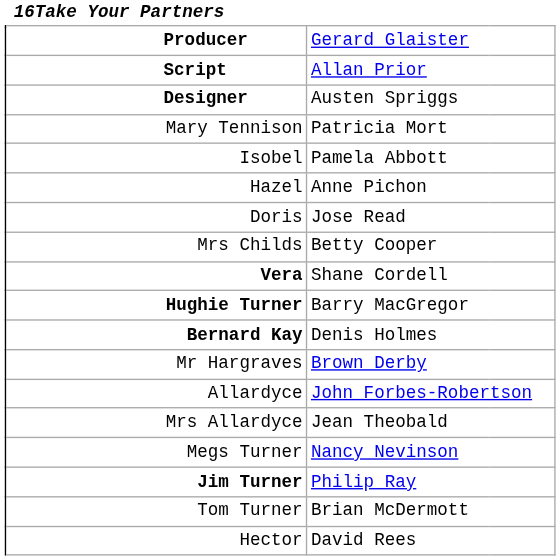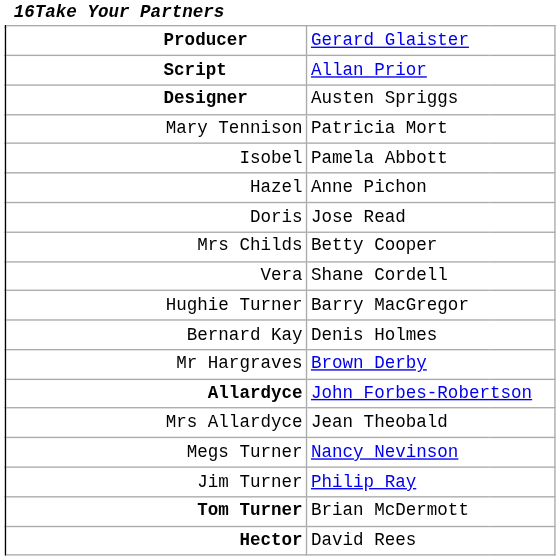 <table class="wikitable mw-collapsible mw-collapsed" style="vertical-align:top;margin:auto 2em;line-height:1.2;min-width:33em;display: inline-table;background-color:inherit;border:none;">
 <tr>
 <td class=unsortable style="border:hidden;line-height:1.67;text-align:center;margin-left:-1em;padding-left:0.5em;min-width:1.0em;"></td>
 <td class=unsortable style="border:none;padding-left:0.5em;text-align:left;min-width:16.5em;font-weight:700;font-style:italic;">16Take Your Partners</td>
 <td class=unsortable style="border:none;text-align:right;font-weight:normal;font-family:Courier;font-size:95%;letter-spacing:-1pt;min-width:8.5em;padding-right:0.2em;"></td>
 <td class=unsortable style="border:hidden;min-width:3.5em;padding-left:0;"></td>
 <td class=unsortable style="border:hidden;min-width:3.5em;font-size:95%;"></td>
 </tr>
 <tr>
 <td rowspan=100 style="border:none thin;border-right-style :solid;"></td>
 </tr>
 <tr>
 <td style="text-align:left;padding-left:9.0em;font-weight:bold;">Producer</td>
 <td colspan=2><a href='#'>Gerard Glaister</a></td>
 </tr>
 <tr>
 <td style="text-align:left;padding-left:9.0em;font-weight:bold;">Script</td>
 <td colspan=2><a href='#'>Allan Prior</a></td>
 </tr>
 <tr>
 <td style="text-align:left;padding-left:9.0em;font-weight:bold;">Designer</td>
 <td colspan=2>Austen Spriggs</td>
 </tr>
 <tr>
 <td style="text-align:right;">Mary Tennison</td>
 <td colspan=2>Patricia Mort</td>
 </tr>
 <tr>
 <td style="text-align:right;">Isobel</td>
 <td colspan=2>Pamela Abbott</td>
 </tr>
 <tr>
 <td style="text-align:right;">Hazel</td>
 <td colspan=2>Anne Pichon</td>
 </tr>
 <tr>
 <td style="text-align:right;">Doris</td>
 <td colspan=2>Jose Read</td>
 </tr>
 <tr>
 <td style="text-align:right;">Mrs Childs</td>
 <td colspan=2>Betty Cooper</td>
 </tr>
 <tr>
-<td style="text-align:right;"><strong>Vera</strong></td>
+<td style="text-align:right;">Vera</td>
 <td colspan=2>Shane Cordell</td>
 </tr>
 <tr>
-<td style="text-align:right;"><strong>Hughie Turner</strong></td>
+<td style="text-align:right;">Hughie Turner</td>
 <td colspan=2>Barry MacGregor</td>
 </tr>
 <tr>
-<td style="text-align:right;"><strong>Bernard Kay</strong></td>
+<td style="text-align:right;">Bernard Kay</td>
 <td colspan=2>Denis Holmes</td>
 </tr>
 <tr>
 <td style="text-align:right;">Mr Hargraves</td>
 <td colspan=2><a href='#'>Brown Derby</a></td>
 </tr>
 <tr>
-<td style="text-align:right;">Allardyce</td>
+<td style="text-align:right;"><strong>Allardyce</strong></td>
 <td colspan=2><a href='#'>John Forbes-Robertson</a></td>
 </tr>
 <tr>
 <td style="text-align:right;">Mrs Allardyce</td>
 <td colspan=2>Jean Theobald</td>
 </tr>
 <tr>
 <td style="text-align:right;">Megs Turner</td>
 <td colspan=2><a href='#'>Nancy Nevinson</a></td>
 </tr>
 <tr>
-<td style="text-align:right;"><strong>Jim Turner</strong></td>
+<td style="text-align:right;">Jim Turner</td>
 <td colspan=2><a href='#'>Philip Ray</a></td>
 </tr>
 <tr>
-<td style="text-align:right;">Tom Turner</td>
+<td style="text-align:right;"><strong>Tom Turner</strong></td>
 <td colspan=2>Brian McDermott</td>
 </tr>
 <tr>
-<td style="text-align:right;">Hector</td>
+<td style="text-align:right;"><strong>Hector</strong></td>
 <td colspan=2>David Rees</td>
 </tr>
 </table>
